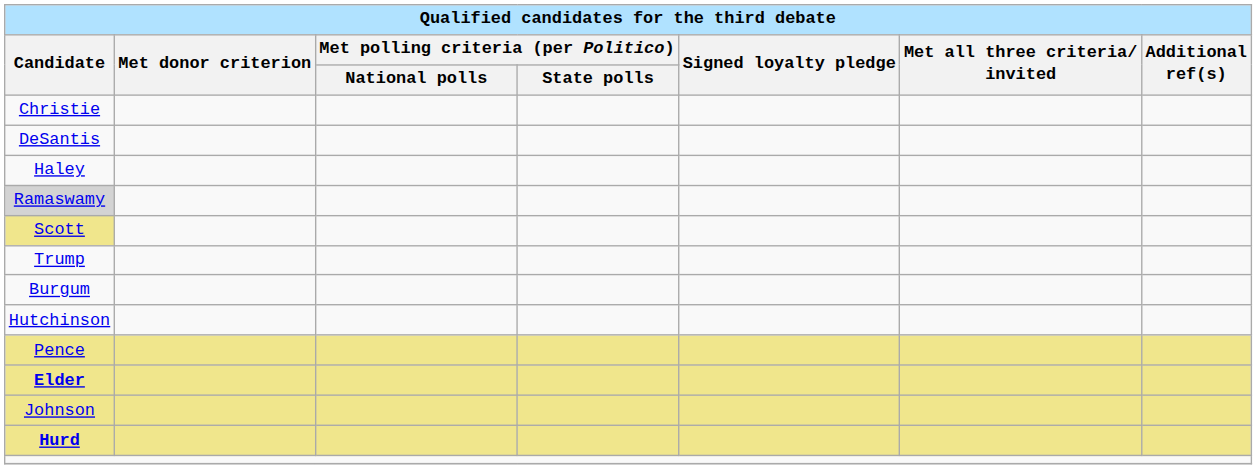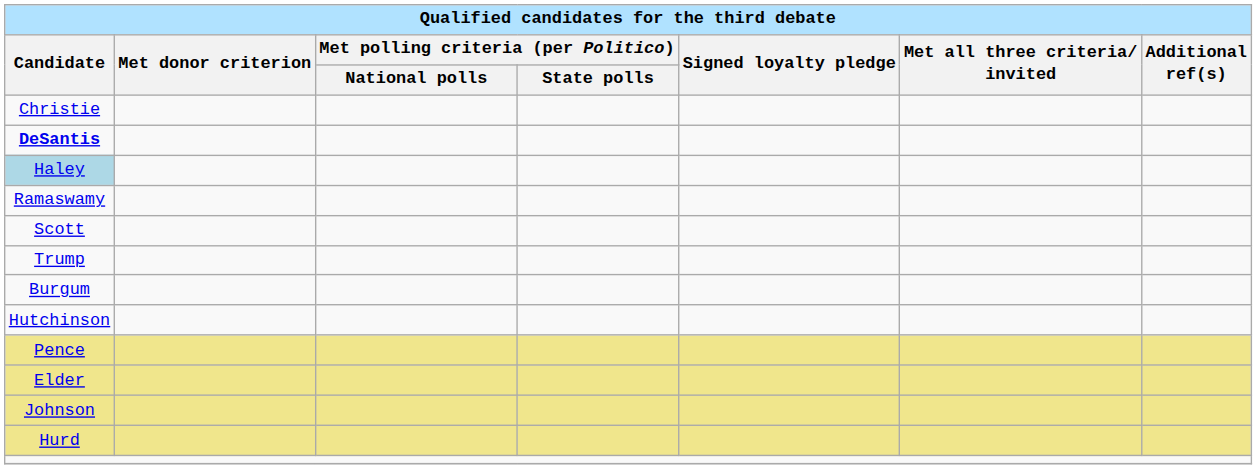 <table class="wikitable sortable collapsible" style="text-align:center;font-size:95%;line-height:16px;">
 <tr>
 <td colspan="8" style="color:black; vertical-align:top; text-align:center; background-color:#B0E2FF;" class="table-no"><strong>Qualified candidates for the third debate</strong></td>
 </tr>
 <tr>
 <th rowspan=2>Candidate</th>
 <th rowspan=2>Met donor criterion</th>
 <th colspan=2>Met polling criteria (per <em>Politico</em>)</th>
 <th rowspan=2>Signed loyalty pledge</th>
 <th rowspan=2>Met all three criteria/<br>invited</th>
 <th rowspan=2 class="unsortable">Additional<br>ref(s)</th>
 </tr>
 <tr>
 <th>National polls</th>
 <th>State polls</th>
 </tr>
 <tr>
 <td><a href='#'>Christie</a></td>
 <td></td>
 <td><br></td>
 <td><br></td>
 <td></td>
 <td></td>
 <td></td>
 </tr>
 <tr>
-<td><a href='#'>DeSantis</a></td>
+<td><strong><a href='#'>DeSantis</a></strong></td>
 <td></td>
 <td><br></td>
 <td><br></td>
 <td></td>
 <td></td>
 <td></td>
 </tr>
 <tr>
-<td><a href='#'>Haley</a></td>
+<td style="background: lightblue;"><a href='#'>Haley</a></td>
 <td></td>
 <td><br></td>
 <td><br></td>
 <td></td>
 <td></td>
 <td></td>
 </tr>
 <tr>
-<td style="background: lightgrey;"><a href='#'>Ramaswamy</a></td>
+<td><a href='#'>Ramaswamy</a></td>
 <td></td>
 <td><br></td>
 <td><br></td>
 <td></td>
 <td></td>
 <td></td>
 </tr>
 <tr>
-<td style="background: khaki;"><a href='#'>Scott</a></td>
+<td><a href='#'>Scott</a></td>
 <td></td>
 <td><br></td>
 <td><br></td>
 <td></td>
 <td></td>
 <td></td>
 </tr>
 <tr>
 <td><a href='#'>Trump</a></td>
 <td></td>
 <td><br></td>
 <td><br></td>
 <td></td>
 <td></td>
 <td></td>
 </tr>
 <tr>
 <td><a href='#'>Burgum</a></td>
 <td></td>
 <td><br></td>
 <td><br></td>
 <td></td>
 <td></td>
 <td></td>
 </tr>
 <tr>
 <td><a href='#'>Hutchinson</a></td>
 <td><br></td>
 <td><br></td>
 <td><br></td>
 <td></td>
 <td></td>
 <td></td>
 </tr>
 <tr style="background:#f0e68c;">
 <td><a href='#'>Pence</a></td>
 <td><br></td>
 <td><br></td>
 <td><br></td>
 <td></td>
 <td></td>
 <td></td>
 </tr>
 <tr style="background:#f0e68c;">
-<td><strong><a href='#'>Elder</a></strong></td>
+<td><a href='#'>Elder</a></td>
 <td><br></td>
 <td><br></td>
 <td><br></td>
 <td></td>
 <td></td>
 <td></td>
 </tr>
 <tr style="background:#f0e68c;">
 <td><a href='#'>Johnson</a></td>
 <td><br></td>
 <td><br></td>
 <td><br></td>
 <td></td>
 <td></td>
 <td></td>
 </tr>
 <tr style="background:#f0e68c;">
-<td><strong><a href='#'>Hurd</a></strong></td>
+<td><a href='#'>Hurd</a></td>
 <td><br></td>
 <td><br></td>
 <td><br></td>
 <td></td>
 <td></td>
 <td></td>
 </tr>
 <tr>
 <td colspan="8" class="table-no" style="text-align:left;"></td>
 </tr>
 <tr>
 </tr>
 </table>
